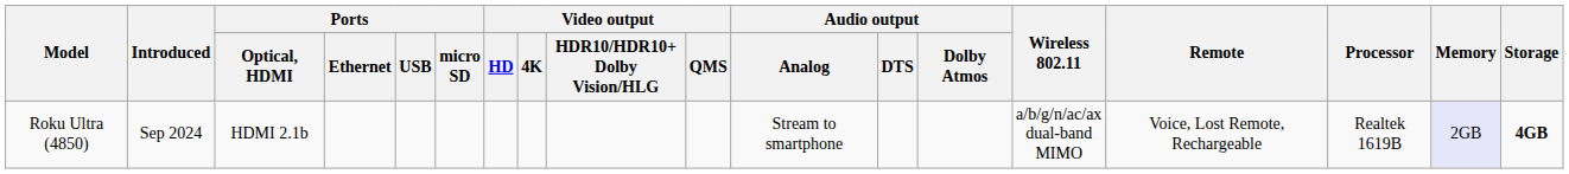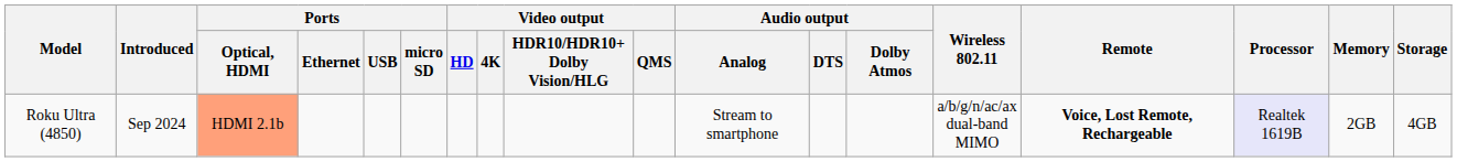 <table class="wikitable" style="text-align: center; font-size: smaller;">
 <tr>
 <th rowspan="2">Model</th>
 <th rowspan="2">Introduced</th>
 <th colspan="4">Ports</th>
 <th colspan="4">Video output</th>
 <th colspan="3">Audio output</th>
 <th rowspan="2">Wireless<br>802.11</th>
 <th rowspan="2">Remote</th>
 <th rowspan="2">Processor</th>
 <th rowspan="2">Memory</th>
 <th rowspan="2">Storage </th>
 </tr>
 <tr>
 <th>Optical, HDMI</th>
 <th>Ethernet</th>
 <th>USB</th>
 <th>micro<br>SD</th>
 <th><a href='#'>HD</a></th>
 <th>4K</th>
 <th>HDR10/HDR10+<br>Dolby Vision/HLG</th>
 <th>QMS</th>
 <th>Analog</th>
 <th>DTS</th>
 <th>Dolby Atmos</th>
 </tr>
 <tr>
 <td>Roku Ultra (4850)</td>
 <td>Sep 2024</td>
-<td>HDMI 2.1b</td>
+<td style="background: lightsalmon;">HDMI 2.1b</td>
 <td></td>
 <td></td>
 <td></td>
 <td></td>
 <td></td>
 <td></td>
 <td></td>
 <td>Stream to smartphone</td>
 <td></td>
 <td></td>
 <td>a/b/g/n/ac/ax<br>dual-band<br>MIMO</td>
-<td>Voice, Lost Remote, Rechargeable</td>
-<td>Realtek 1619B</td>
-<td style="background: lavender;">2GB</td>
-<td><strong>4GB</strong></td>
+<td><strong>Voice, Lost Remote, Rechargeable</strong></td>
+<td style="background: lavender;">Realtek 1619B</td>
+<td>2GB</td>
+<td>4GB</td>
 </tr>
 </table>
